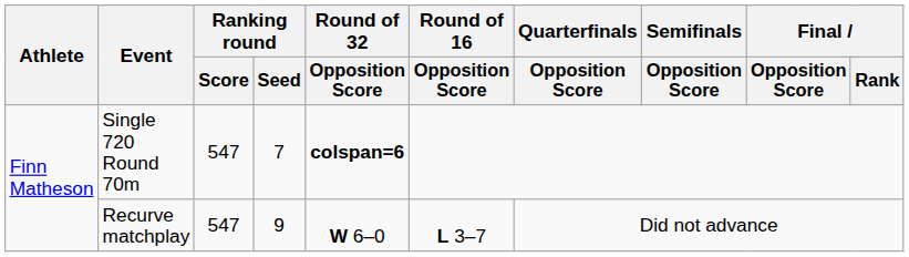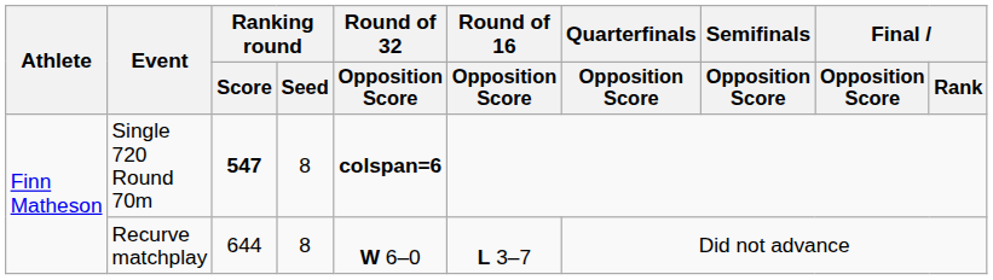 <table class=wikitable style=font-size:90%;text-align:center>
 <tr>
 <th rowspan=2 style="width:8em;">Athlete</th>
 <th rowspan=2>Event</th>
 <th colspan=2>Ranking round</th>
 <th>Round of 32</th>
 <th>Round of 16</th>
 <th>Quarterfinals</th>
 <th>Semifinals</th>
 <th colspan=2>Final / </th>
 </tr>
 <tr style="font-size:95%">
 <th>Score</th>
 <th>Seed</th>
 <th>Opposition<br>Score</th>
 <th>Opposition<br>Score</th>
 <th>Opposition<br>Score</th>
 <th>Opposition<br>Score</th>
 <th>Opposition<br>Score</th>
 <th>Rank</th>
 </tr>
 <tr>
 <td align=left rowspan=2><a href='#'>Finn Matheson</a></td>
 <td align=left>Single 720 Round 70m</td>
-<td>547</td>
-<td>7</td>
+<td><strong>547</strong></td>
+<td>8</td>
 <td><strong>colspan=6 </strong></td>
 </tr>
 <tr>
 <td align=left>Recurve matchplay</td>
-<td>547</td>
-<td>9</td>
+<td>644</td>
+<td>8</td>
 <td><br> <strong>W</strong> 6–0</td>
 <td><br> <strong>L</strong> 3–7</td>
 <td colspan="4">Did not advance</td>
 </tr>
 </table>
